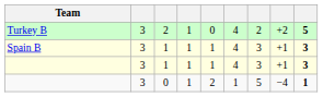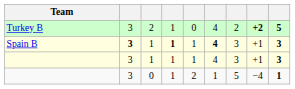 <table class="wikitable" style="text-align: center; font-size: 90%;">
 <tr>
 <th width=165>Team</th>
 <th width=25></th>
 <th width=25></th>
 <th width=25></th>
 <th width=25></th>
 <th width=25></th>
 <th width=25></th>
 <th width=25></th>
 <th width=25></th>
 </tr>
 <tr style="background:#cfc;">
 <td align="left"> <a href='#'>Turkey B</a></td>
 <td>3</td>
 <td>2</td>
 <td>1</td>
 <td>0</td>
 <td>4</td>
 <td>2</td>
-<td>+2</td>
+<td><strong>+2</strong></td>
 <td><strong>5</strong></td>
 </tr>
 <tr style="background:#ffffe0;">
 <td align="left"> <a href='#'>Spain B</a></td>
-<td>3</td>
+<td><strong>3</strong></td>
 <td>1</td>
+<td><strong>1</strong></td>
 <td>1</td>
-<td>1</td>
-<td>4</td>
+<td><strong>4</strong></td>
 <td>3</td>
 <td>+1</td>
 <td><strong>3</strong></td>
 </tr>
 <tr style="background:#ffffe0;">
 <td align="left"></td>
 <td>3</td>
 <td>1</td>
 <td>1</td>
 <td>1</td>
 <td>4</td>
 <td>3</td>
 <td>+1</td>
 <td><strong>3</strong></td>
 </tr>
 <tr>
 <td align="left"></td>
 <td>3</td>
 <td>0</td>
 <td>1</td>
 <td>2</td>
 <td>1</td>
 <td>5</td>
 <td>−4</td>
 <td><strong>1</strong></td>
 </tr>
 </table>
